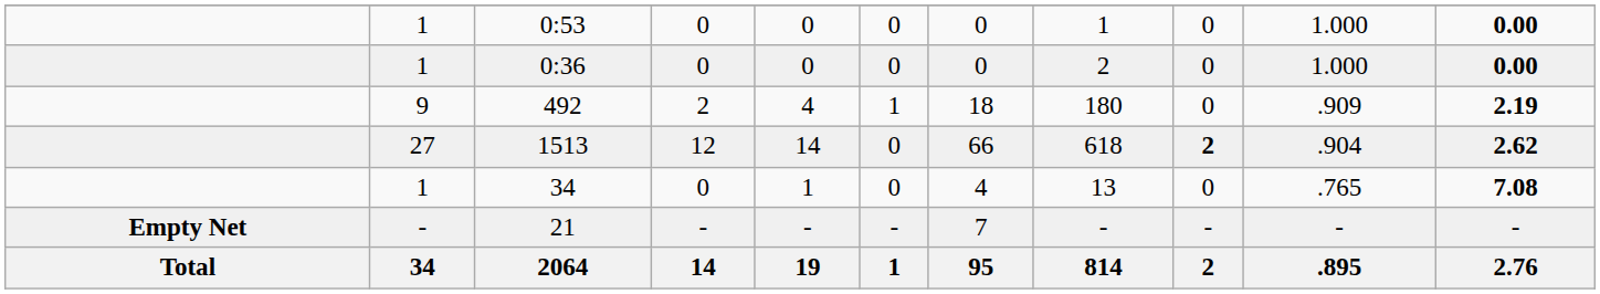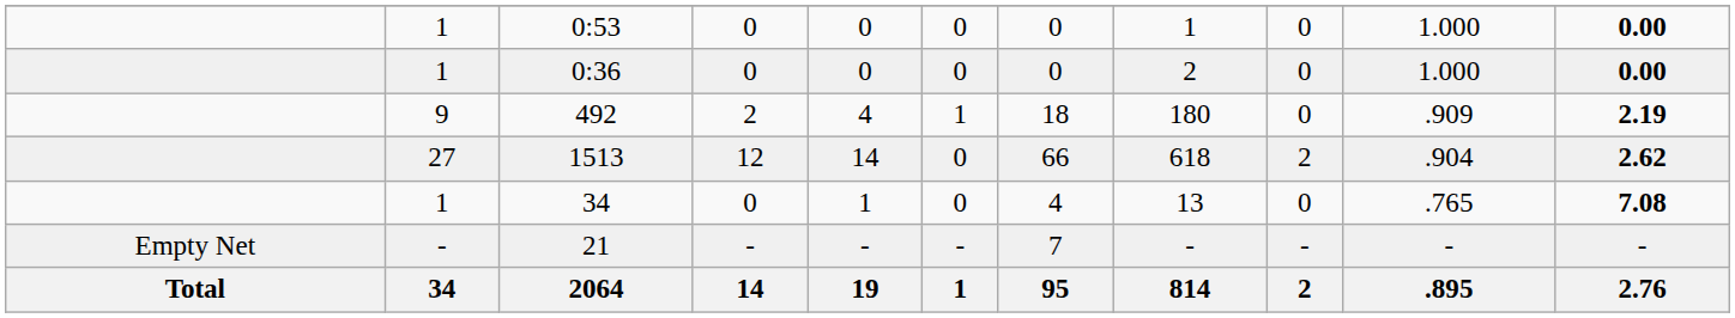 <table class="wikitable sortable" width ="1000">
 <tr align="center">
 </tr>
 <tr align="center" bgcolor="">
 <td></td>
 <td>1</td>
 <td>0:53</td>
 <td>0</td>
 <td>0</td>
 <td>0</td>
 <td>0</td>
 <td>1</td>
 <td>0</td>
 <td>1.000</td>
 <td><strong>0.00</strong></td>
 </tr>
 <tr align="center" bgcolor="f0f0f0">
 <td></td>
 <td>1</td>
 <td>0:36</td>
 <td>0</td>
 <td>0</td>
 <td>0</td>
 <td>0</td>
 <td>2</td>
 <td>0</td>
 <td>1.000</td>
 <td><strong>0.00</strong></td>
 </tr>
 <tr align="center" bgcolor="">
 <td></td>
 <td>9</td>
 <td>492</td>
 <td>2</td>
 <td>4</td>
 <td>1</td>
 <td>18</td>
 <td>180</td>
 <td>0</td>
 <td>.909</td>
 <td><strong>2.19</strong></td>
 </tr>
 <tr align="center" bgcolor="f0f0f0">
 <td></td>
 <td>27</td>
 <td>1513</td>
 <td>12</td>
 <td>14</td>
 <td>0</td>
 <td>66</td>
 <td>618</td>
-<td><strong>2</strong></td>
+<td>2</td>
 <td>.904</td>
 <td><strong>2.62</strong></td>
 </tr>
 <tr align="center" bgcolor="">
 <td></td>
 <td>1</td>
 <td>34</td>
 <td>0</td>
 <td>1</td>
 <td>0</td>
 <td>4</td>
 <td>13</td>
 <td>0</td>
 <td>.765</td>
 <td><strong>7.08</strong></td>
 </tr>
 <tr align="center" bgcolor="f0f0f0">
-<td><strong>Empty Net</strong></td>
+<td>Empty Net</td>
 <td>-</td>
 <td>21</td>
 <td>-</td>
 <td>-</td>
 <td>-</td>
 <td>7</td>
 <td>-</td>
 <td>-</td>
 <td>-</td>
 <td>-</td>
 </tr>
 <tr>
 <th>Total</th>
 <th>34</th>
 <th>2064</th>
 <th>14</th>
 <th>19</th>
 <th>1</th>
 <th>95</th>
 <th>814</th>
 <th>2</th>
 <th>.895</th>
 <th>2.76</th>
 </tr>
 </table>
